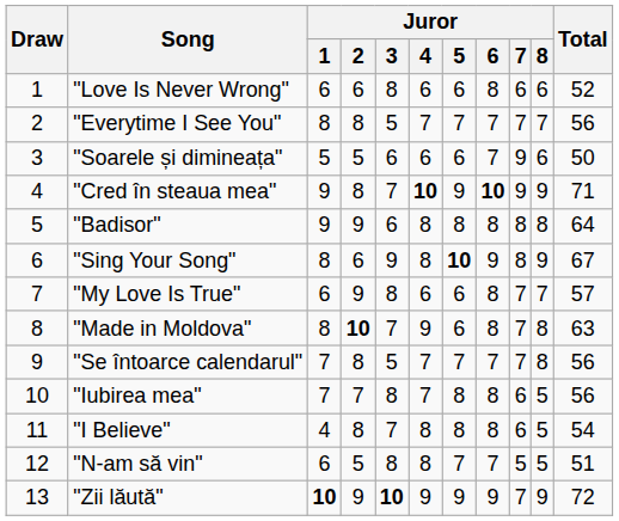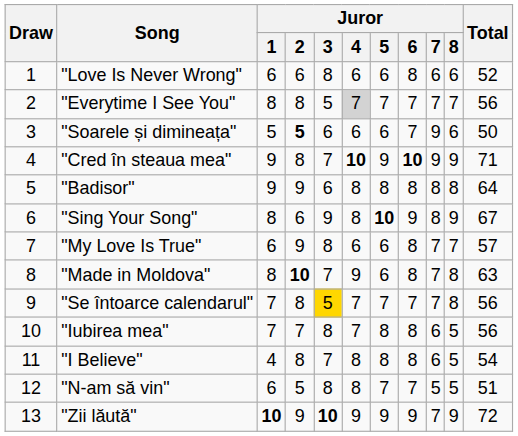 <table class="wikitable collapsible" style="margin: 1em auto 1em auto; text-align:center;">
 <tr>
 <th rowspan="2">Draw</th>
 <th rowspan="2">Song</th>
 <th colspan="8">Juror</th>
 <th rowspan="2">Total</th>
 </tr>
 <tr>
 <th>1</th>
 <th>2</th>
 <th>3</th>
 <th>4</th>
 <th>5</th>
 <th>6</th>
 <th>7</th>
 <th>8</th>
 </tr>
 <tr>
 <td>1</td>
 <td align="left">"Love Is Never Wrong"</td>
 <td>6</td>
 <td>6</td>
 <td>8</td>
 <td>6</td>
 <td>6</td>
 <td>8</td>
 <td>6</td>
 <td>6</td>
 <td>52</td>
 </tr>
 <tr>
 <td>2</td>
 <td align="left">"Everytime I See You"</td>
 <td>8</td>
 <td>8</td>
 <td>5</td>
-<td>7</td>
+<td style="background: lightgrey;">7</td>
 <td>7</td>
 <td>7</td>
 <td>7</td>
 <td>7</td>
 <td>56</td>
 </tr>
 <tr>
 <td>3</td>
 <td align="left">"Soarele și dimineața"</td>
 <td>5</td>
-<td>5</td>
+<td><strong>5</strong></td>
 <td>6</td>
 <td>6</td>
 <td>6</td>
 <td>7</td>
 <td>9</td>
 <td>6</td>
 <td>50</td>
 </tr>
 <tr>
 <td>4</td>
 <td align="left">"Cred în steaua mea"</td>
 <td>9</td>
 <td>8</td>
 <td>7</td>
 <td><strong>10</strong></td>
 <td>9</td>
 <td><strong>10</strong></td>
 <td>9</td>
 <td>9</td>
 <td>71</td>
 </tr>
 <tr>
 <td>5</td>
 <td align="left">"Badisor"</td>
 <td>9</td>
 <td>9</td>
 <td>6</td>
 <td>8</td>
 <td>8</td>
 <td>8</td>
 <td>8</td>
 <td>8</td>
 <td>64</td>
 </tr>
 <tr>
 <td>6</td>
 <td align="left">"Sing Your Song"</td>
 <td>8</td>
 <td>6</td>
 <td>9</td>
 <td>8</td>
 <td><strong>10</strong></td>
 <td>9</td>
 <td>8</td>
 <td>9</td>
 <td>67</td>
 </tr>
 <tr>
 <td>7</td>
 <td align="left">"My Love Is True"</td>
 <td>6</td>
 <td>9</td>
 <td>8</td>
 <td>6</td>
 <td>6</td>
 <td>8</td>
 <td>7</td>
 <td>7</td>
 <td>57</td>
 </tr>
 <tr>
 <td>8</td>
 <td align="left">"Made in Moldova"</td>
 <td>8</td>
 <td><strong>10</strong></td>
 <td>7</td>
 <td>9</td>
 <td>6</td>
 <td>8</td>
 <td>7</td>
 <td>8</td>
 <td>63</td>
 </tr>
 <tr>
 <td>9</td>
 <td align="left">"Se întoarce calendarul"</td>
 <td>7</td>
 <td>8</td>
-<td>5</td>
+<td style="background: gold;">5</td>
 <td>7</td>
 <td>7</td>
 <td>7</td>
 <td>7</td>
 <td>8</td>
 <td>56</td>
 </tr>
 <tr>
 <td>10</td>
 <td align="left">"Iubirea mea"</td>
 <td>7</td>
 <td>7</td>
 <td>8</td>
 <td>7</td>
 <td>8</td>
 <td>8</td>
 <td>6</td>
 <td>5</td>
 <td>56</td>
 </tr>
 <tr>
 <td>11</td>
 <td align="left">"I Believe"</td>
 <td>4</td>
 <td>8</td>
 <td>7</td>
 <td>8</td>
 <td>8</td>
 <td>8</td>
 <td>6</td>
 <td>5</td>
 <td>54</td>
 </tr>
 <tr>
 <td>12</td>
 <td align="left">"N-am să vin"</td>
 <td>6</td>
 <td>5</td>
 <td>8</td>
 <td>8</td>
 <td>7</td>
 <td>7</td>
 <td>5</td>
 <td>5</td>
 <td>51</td>
 </tr>
 <tr>
 <td>13</td>
 <td align="left">"Zii lăută"</td>
 <td><strong>10</strong></td>
 <td>9</td>
 <td><strong>10</strong></td>
 <td>9</td>
 <td>9</td>
 <td>9</td>
 <td>7</td>
 <td>9</td>
 <td>72</td>
 </tr>
 </table>
